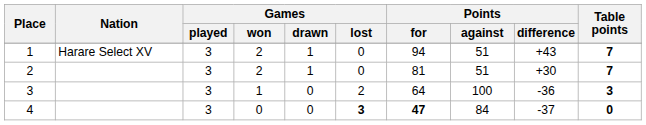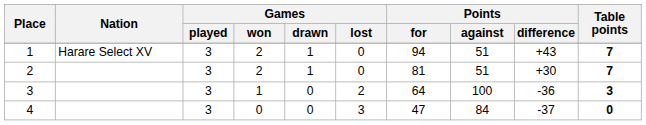 <table class="wikitable">
 <tr>
 <th rowspan=2 width="8%">Place</th>
 <th rowspan=2 width="20%">Nation</th>
 <th colspan=4 width="32%">Games</th>
 <th colspan=3 width="30%">Points</th>
 <th rowspan=2 width="10%">Table<br>points</th>
 </tr>
 <tr>
 <th width="8%">played</th>
 <th width="8%">won</th>
 <th width="8%">drawn</th>
 <th width="8%">lost</th>
 <th width="10%">for</th>
 <th width="10%">against</th>
 <th width="10%">difference</th>
 </tr>
 <tr>
 </tr>
 <tr bgcolor=#ffffff align=center>
 <td>1</td>
 <td align=left>Harare Select XV</td>
 <td>3</td>
 <td>2</td>
 <td>1</td>
 <td>0</td>
 <td>94</td>
 <td>51</td>
 <td>+43</td>
 <td><strong>7</strong></td>
 </tr>
 <tr bgcolor=#ffffff align=center>
 <td>2</td>
 <td align=left></td>
 <td>3</td>
 <td>2</td>
 <td>1</td>
 <td>0</td>
 <td>81</td>
 <td>51</td>
 <td>+30</td>
 <td><strong>7</strong></td>
 </tr>
 <tr bgcolor=#ffffff align=center>
 <td>3</td>
 <td align=left></td>
 <td>3</td>
 <td>1</td>
 <td>0</td>
 <td>2</td>
 <td>64</td>
 <td>100</td>
 <td>-36</td>
 <td><strong>3</strong></td>
 </tr>
 <tr bgcolor=#ffffff align=center>
 <td>4</td>
 <td align=left></td>
 <td>3</td>
 <td>0</td>
 <td>0</td>
-<td><strong>3</strong></td>
-<td><strong>47</strong></td>
+<td>3</td>
+<td>47</td>
 <td>84</td>
 <td>-37</td>
 <td><strong>0</strong></td>
 </tr>
 </table>
